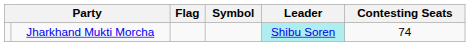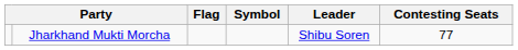 <table class="wikitable " width="50%" style="text-align:center">
 <tr>
 <th colspan="2">Party</th>
 <th>Flag</th>
 <th>Symbol</th>
 <th>Leader</th>
 <th>Contesting Seats</th>
 </tr>
 <tr>
 <td></td>
 <td><a href='#'>Jharkhand Mukti Morcha</a></td>
 <td></td>
 <td></td>
-<td style="background: paleturquoise;"><a href='#'>Shibu Soren</a></td>
-<td>74</td>
+<td><a href='#'>Shibu Soren</a></td>
+<td>77</td>
 </tr>
 </table>
